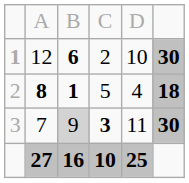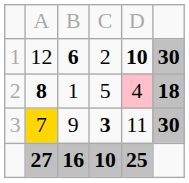 <table class="wikitable" style="text-align:center;">
 <tr style="color: #aaaaaa;">
 <td></td>
 <td>A</td>
 <td>B</td>
 <td>C</td>
 <td>D</td>
 </tr>
 <tr>
-<td style="color: #aaaaaa;"><strong>1</strong></td>
+<td style="color: #aaaaaa;">1</td>
 <td>12</td>
 <td><strong>6</strong></td>
 <td>2</td>
-<td>10</td>
+<td><strong>10</strong></td>
 <td style="background:silver"><strong>30</strong></td>
 </tr>
 <tr>
 <td style="color: #aaaaaa;">2</td>
 <td><strong>8</strong></td>
-<td><strong>1</strong></td>
+<td>1</td>
 <td>5</td>
-<td>4</td>
+<td style="background: pink;">4</td>
 <td style="background:silver"><strong>18</strong></td>
 </tr>
 <tr>
 <td style="color: #aaaaaa;">3</td>
-<td>7</td>
-<td style="background: lightgrey;">9</td>
+<td style="background: gold;">7</td>
+<td>9</td>
 <td><strong>3</strong></td>
 <td>11</td>
 <td style="background:silver"><strong>30</strong></td>
 </tr>
 <tr>
 <td style="color: #aaaaaa;"></td>
 <td style="background:silver"><strong>27</strong></td>
 <td style="background:silver"><strong>16</strong></td>
 <td style="background:silver"><strong>10</strong></td>
 <td style="background:silver"><strong>25</strong></td>
 <td></td>
 </tr>
 </table>
